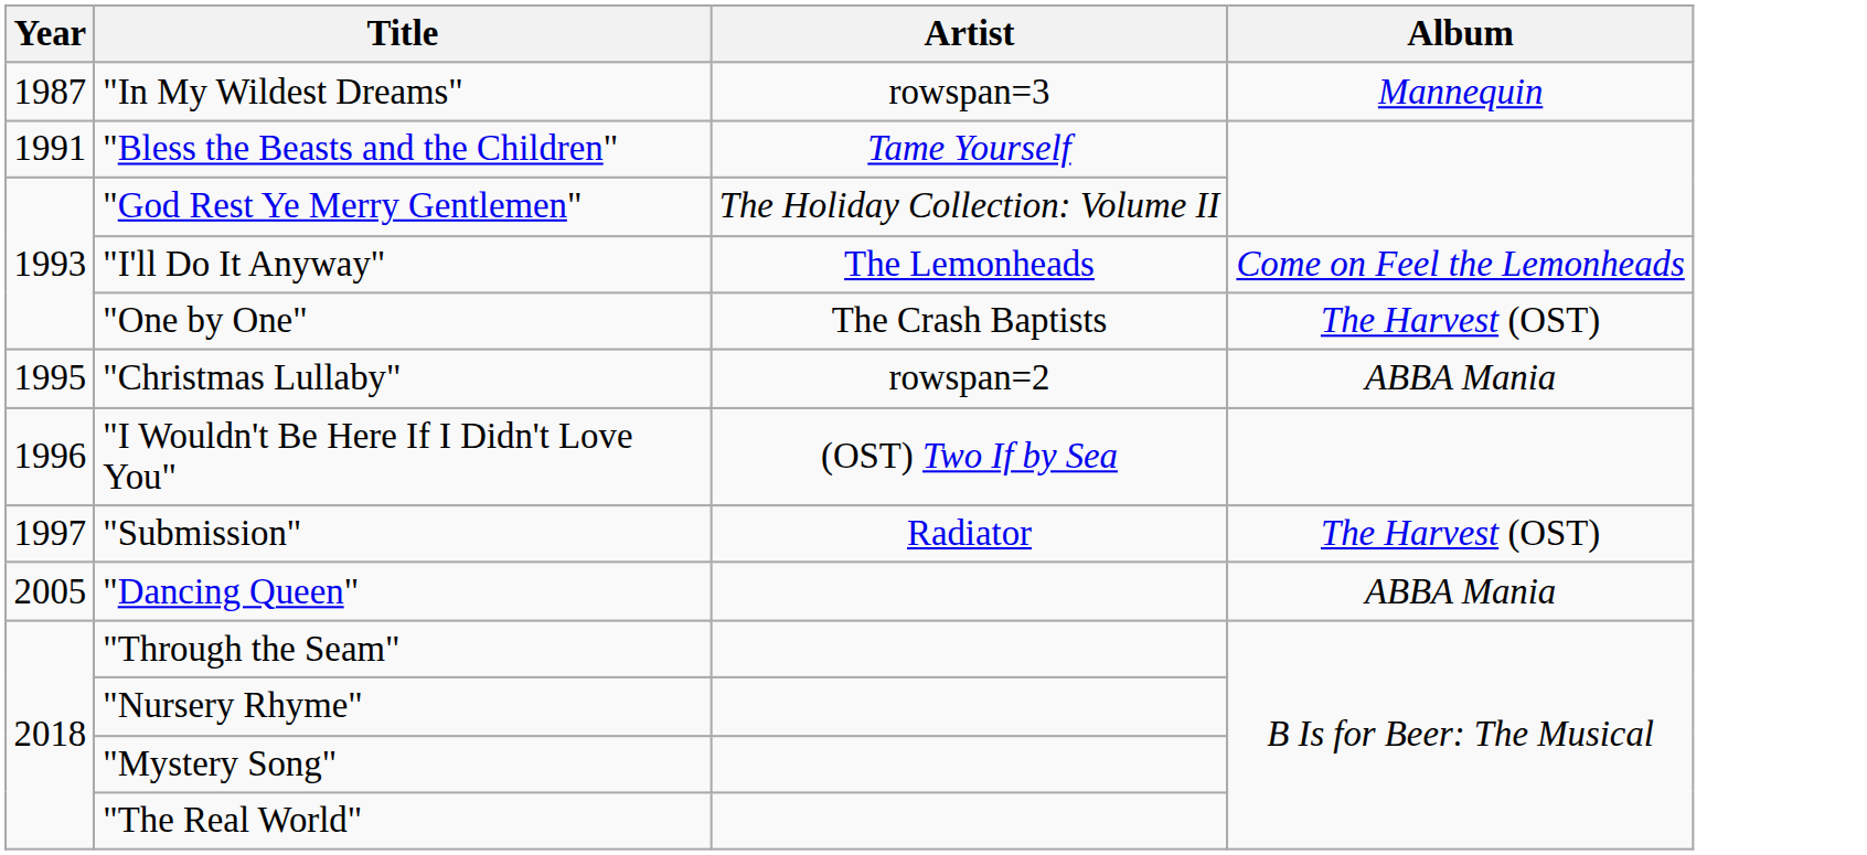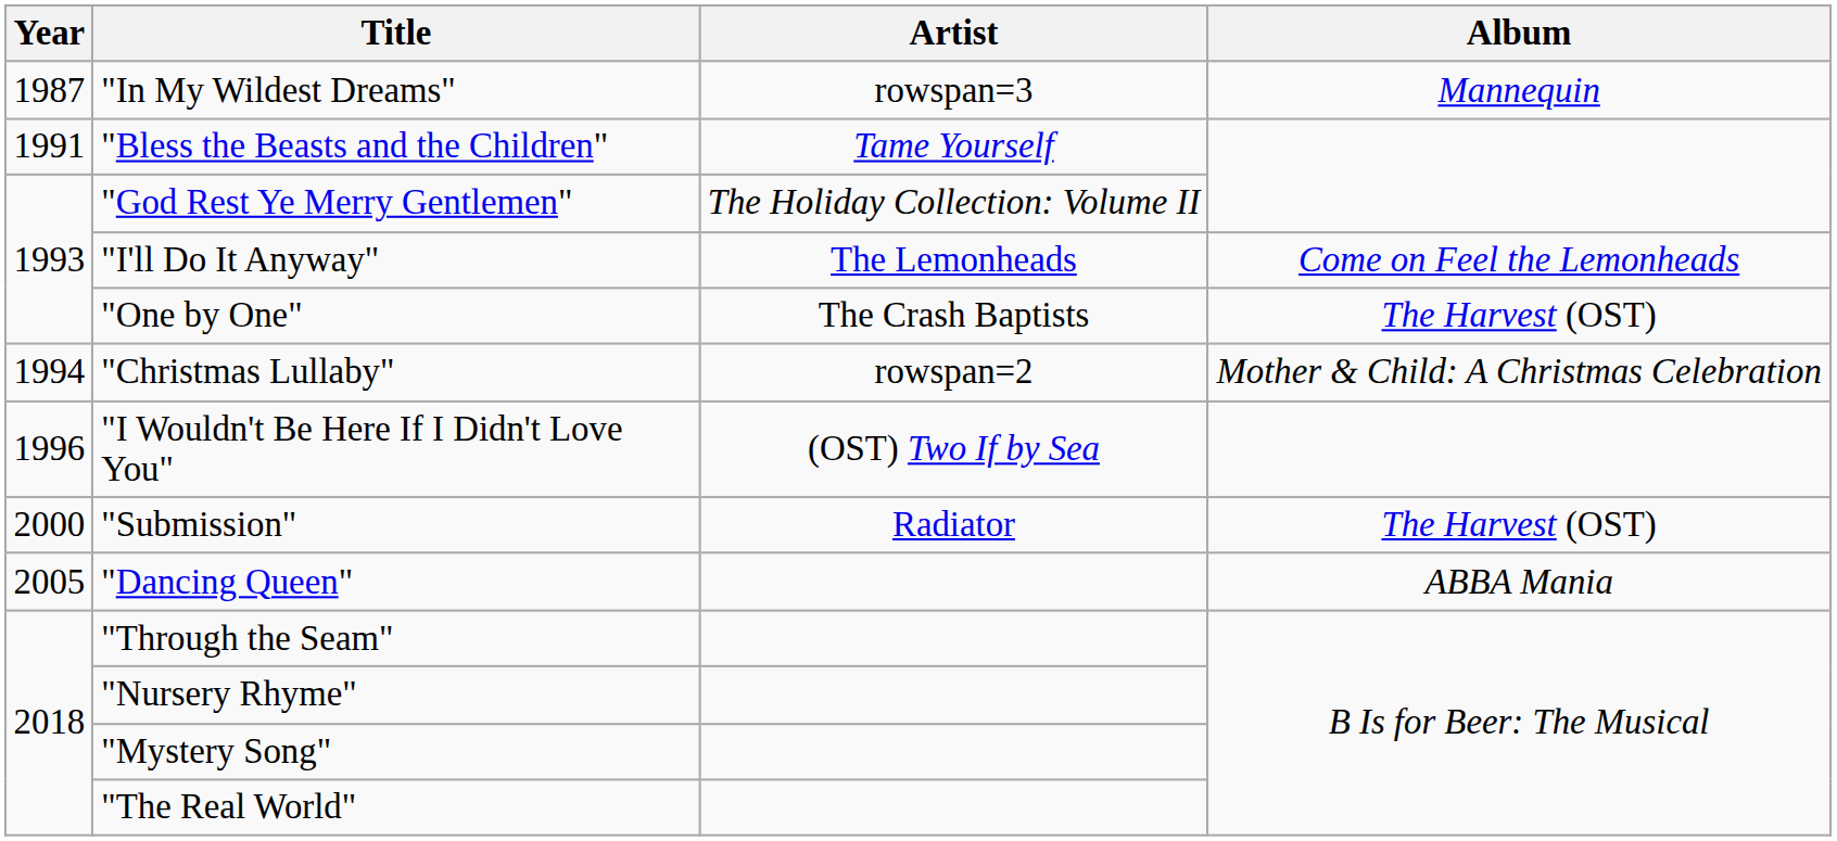 <table class="wikitable" style="text-align:center">
 <tr>
 <th>Year</th>
 <th width=265>Title</th>
 <th>Artist</th>
 <th>Album</th>
 </tr>
 <tr>
 <td>1987</td>
 <td align=left>"In My Wildest Dreams"</td>
 <td>rowspan=3 </td>
 <td><em><a href='#'>Mannequin</a></em></td>
 </tr>
 <tr>
 <td>1991</td>
 <td align=left>"<a href='#'>Bless the Beasts and the Children</a>"</td>
 <td><em><a href='#'>Tame Yourself</a></em></td>
 </tr>
 <tr>
 <td rowspan=3>1993</td>
 <td align=left>"<a href='#'>God Rest Ye Merry Gentlemen</a>"</td>
 <td><em>The Holiday Collection: Volume II</em></td>
 </tr>
 <tr>
 <td align=left>"I'll Do It Anyway"</td>
 <td><a href='#'>The Lemonheads</a></td>
 <td><em><a href='#'>Come on Feel the Lemonheads</a></em></td>
 </tr>
 <tr>
 <td align=left>"One by One"</td>
 <td>The Crash Baptists</td>
 <td><em><a href='#'>The Harvest</a></em> (OST)</td>
 </tr>
 <tr>
-<td>1995</td>
+<td>1994</td>
 <td align=left>"Christmas Lullaby"</td>
 <td>rowspan=2 </td>
-<td><em>ABBA Mania</em></td>
+<td><em>Mother & Child: A Christmas Celebration</em></td>
 </tr>
 <tr>
 <td>1996</td>
 <td align=left>"I Wouldn't Be Here If I Didn't Love You"</td>
 <td>(OST) <em><a href='#'>Two If by Sea</a></em></td>
 </tr>
 <tr>
-<td>1997</td>
+<td>2000</td>
 <td align=left>"Submission"</td>
 <td><a href='#'>Radiator</a></td>
 <td><em><a href='#'>The Harvest</a></em> (OST)</td>
 </tr>
 <tr>
 <td>2005</td>
 <td align=left>"<a href='#'>Dancing Queen</a>"</td>
 <td></td>
 <td><em>ABBA Mania</em></td>
 </tr>
 <tr>
 <td rowspan="4">2018</td>
 <td align=left>"Through the Seam"</td>
 <td></td>
 <td rowspan="4"><em>B Is for Beer: The Musical</em></td>
 </tr>
 <tr>
 <td align=left>"Nursery Rhyme"</td>
 <td></td>
 </tr>
 <tr>
 <td align=left>"Mystery Song"<br></td>
 <td></td>
 </tr>
 <tr>
 <td align=left>"The Real World"<br></td>
 <td></td>
 </tr>
 </table>
